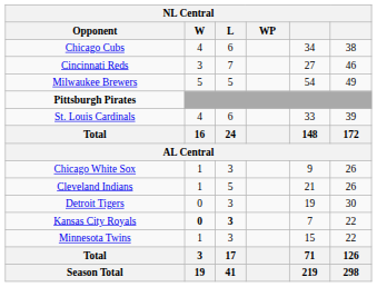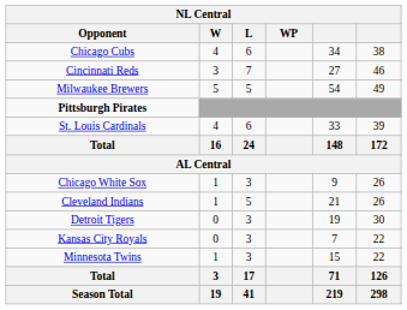 <table class="wikitable" style="margin:1em auto; font-size:95%; text-align:center; width:35em;">
 <tr>
 <th colspan="7">NL Central</th>
 </tr>
 <tr>
 <th>Opponent</th>
 <th>W</th>
 <th>L</th>
 <th>WP</th>
 <th></th>
 <th></th>
 </tr>
 <tr>
 <td><a href='#'>Chicago Cubs</a></td>
 <td>4</td>
 <td>6</td>
 <td></td>
 <td>34</td>
 <td>38</td>
 </tr>
 <tr>
 <td><a href='#'>Cincinnati Reds</a></td>
 <td>3</td>
 <td>7</td>
 <td></td>
 <td>27</td>
 <td>46</td>
 </tr>
 <tr>
 <td><a href='#'>Milwaukee Brewers</a></td>
 <td>5</td>
 <td>5</td>
 <td></td>
 <td>54</td>
 <td>49</td>
 </tr>
 <tr>
 <td><strong>Pittsburgh Pirates</strong></td>
 <td colspan=5 style="background:darkgray;"></td>
 </tr>
 <tr>
 <td><a href='#'>St. Louis Cardinals</a></td>
 <td>4</td>
 <td>6</td>
 <td></td>
 <td>33</td>
 <td>39</td>
 </tr>
 <tr>
 <th>Total</th>
 <th>16</th>
 <th>24</th>
 <th></th>
 <th>148</th>
 <th>172</th>
 </tr>
 <tr>
 <th colspan="7">AL Central</th>
 </tr>
 <tr>
 <td><a href='#'>Chicago White Sox</a></td>
 <td>1</td>
 <td>3</td>
 <td></td>
 <td>9</td>
 <td>26</td>
 </tr>
 <tr>
 <td><a href='#'>Cleveland Indians</a></td>
 <td>1</td>
 <td>5</td>
 <td></td>
 <td>21</td>
 <td>26</td>
 </tr>
 <tr>
 <td><a href='#'>Detroit Tigers</a></td>
 <td>0</td>
 <td>3</td>
 <td></td>
 <td>19</td>
 <td>30</td>
 </tr>
 <tr>
 <td><a href='#'>Kansas City Royals</a></td>
-<td><strong>0</strong></td>
-<td><strong>3</strong></td>
+<td>0</td>
+<td>3</td>
 <td></td>
 <td>7</td>
 <td>22</td>
 </tr>
 <tr>
 <td><a href='#'>Minnesota Twins</a></td>
 <td>1</td>
 <td>3</td>
 <td></td>
 <td>15</td>
 <td>22</td>
 </tr>
 <tr>
 <th>Total</th>
 <th>3</th>
 <th>17</th>
 <th></th>
 <th>71</th>
 <th>126</th>
 </tr>
 <tr>
 <th>Season Total</th>
 <th>19</th>
 <th>41</th>
 <th></th>
 <th>219</th>
 <th>298</th>
 </tr>
 </table>
